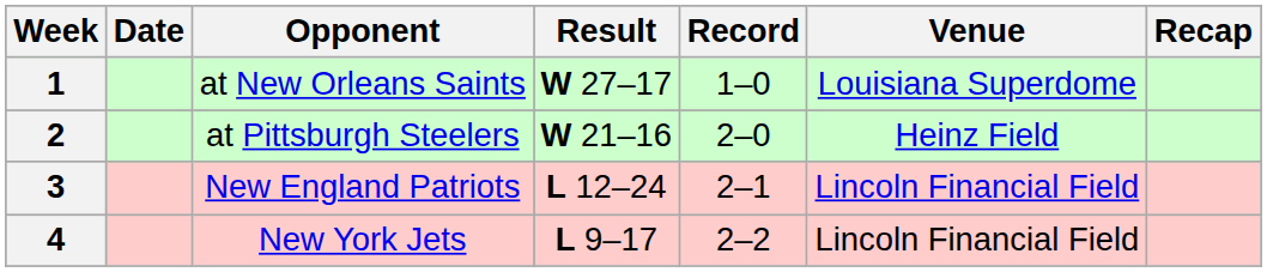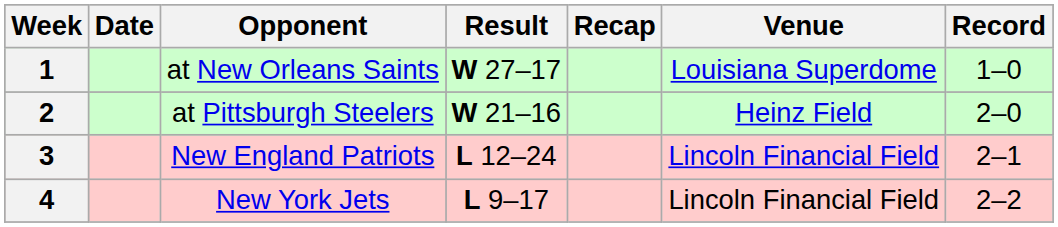 <table class="wikitable" style="text-align:center">
 <tr>
 <th>Week</th>
 <th>Date</th>
 <th>Opponent</th>
 <th>Result</th>
+<th>Recap</th>
+<th>Venue</th>
 <th>Record</th>
-<th>Venue</th>
-<th>Recap</th>
 </tr>
 <tr style="background:#cfc">
 <th>1</th>
 <td></td>
 <td>at <a href='#'>New Orleans Saints</a></td>
 <td><strong>W</strong> 27–17</td>
+<td></td>
+<td><a href='#'>Louisiana Superdome</a></td>
 <td>1–0</td>
-<td><a href='#'>Louisiana Superdome</a></td>
-<td></td>
 </tr>
 <tr style="background:#cfc">
 <th>2</th>
 <td></td>
 <td>at <a href='#'>Pittsburgh Steelers</a></td>
 <td><strong>W</strong> 21–16</td>
+<td></td>
+<td><a href='#'>Heinz Field</a></td>
 <td>2–0</td>
-<td><a href='#'>Heinz Field</a></td>
-<td></td>
 </tr>
 <tr style="background:#fcc">
 <th>3</th>
 <td></td>
 <td><a href='#'>New England Patriots</a></td>
 <td><strong>L</strong> 12–24</td>
+<td></td>
+<td><a href='#'>Lincoln Financial Field</a></td>
 <td>2–1</td>
-<td><a href='#'>Lincoln Financial Field</a></td>
-<td></td>
 </tr>
 <tr style="background:#fcc">
 <th>4</th>
 <td></td>
 <td><a href='#'>New York Jets</a></td>
 <td><strong>L</strong> 9–17</td>
+<td></td>
+<td>Lincoln Financial Field</td>
 <td>2–2</td>
-<td>Lincoln Financial Field</td>
-<td></td>
 </tr>
 </table>
